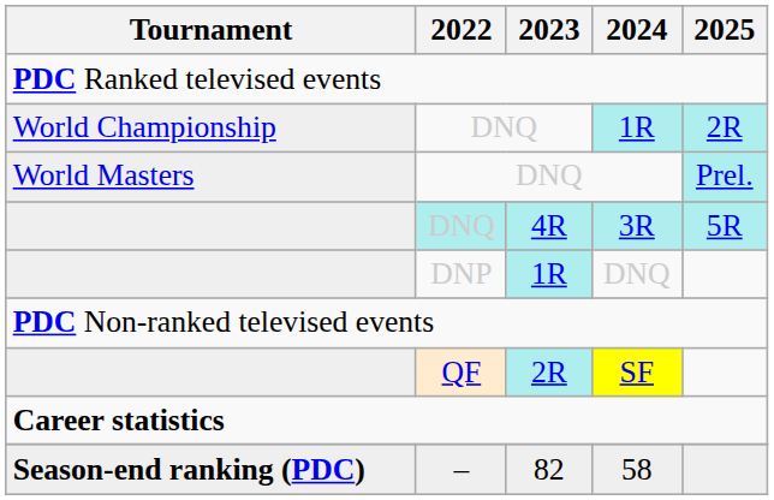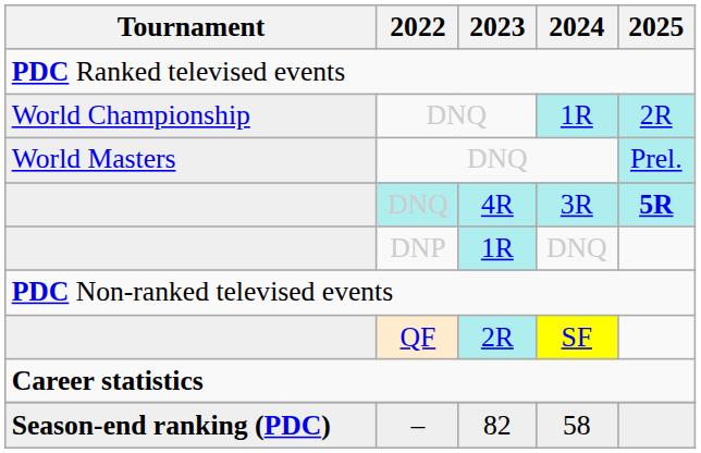 <table class="wikitable" style="width:20%; margin:0">
 <tr>
 <th>Tournament</th>
 <th>2022</th>
 <th>2023</th>
 <th>2024</th>
 <th>2025</th>
 </tr>
 <tr>
 <td colspan="6" style="text-align:left"><strong><a href='#'>PDC</a> </strong>Ranked televised events</td>
 </tr>
 <tr>
 <td style="background:#efefef;"><a href='#'>World Championship</a></td>
 <td colspan="2" style="text-align:center; color:#ccc;">DNQ</td>
 <td style="text-align:center; background:#afeeee;"><a href='#'>1R</a></td>
 <td style="text-align:center; background:#afeeee;"><a href='#'>2R</a></td>
 </tr>
 <tr>
 <td style="background:#efefef;"><a href='#'>World Masters</a></td>
 <td colspan="3" style="text-align:center; color:#ccc;">DNQ</td>
 <td style="text-align:center; background:#afeeee;"><a href='#'>Prel.</a></td>
 </tr>
 <tr>
 <td style="background:#efefef;"></td>
 <td style="background: paleturquoise; text-align:center; color:#ccc;">DNQ</td>
 <td style="text-align:center; background:#afeeee;"><a href='#'>4R</a></td>
 <td style="text-align:center; background:#afeeee;"><a href='#'>3R</a></td>
-<td style="text-align:center; background:#afeeee;"><a href='#'>5R</a></td>
+<td style="text-align:center; background:#afeeee;"><strong><a href='#'>5R</a></strong></td>
 </tr>
 <tr>
 <td style="background:#efefef;"></td>
 <td style="text-align:center; color:#ccc;">DNP</td>
 <td style="text-align:center; background:#afeeee;"><a href='#'>1R</a></td>
 <td style="text-align:center; color:#ccc;">DNQ</td>
 <td></td>
 </tr>
 <tr>
 <td colspan="6" style="text-align:left"><strong><a href='#'>PDC</a> </strong>Non-ranked televised events</td>
 </tr>
 <tr>
 <td style="background:#efefef;"></td>
 <td style="text-align:center; background:#ffebcd;"><a href='#'>QF</a></td>
 <td style="text-align:center; background:#afeeee;"><a href='#'>2R</a></td>
 <td style="text-align:center; background:yellow;"><a href='#'>SF</a></td>
 <td></td>
 </tr>
 <tr>
 <td colspan="6" align="left"><strong>Career statistics</strong></td>
 </tr>
 <tr>
 </tr>
 <tr bgcolor="efefef">
 <td align="left"><strong>Season-end ranking (<a href='#'>PDC</a>)</strong></td>
 <td style="text-align:center;">–</td>
 <td style="text-align:center;">82</td>
 <td style="text-align:center;">58</td>
 <td></td>
 </tr>
 </table>
